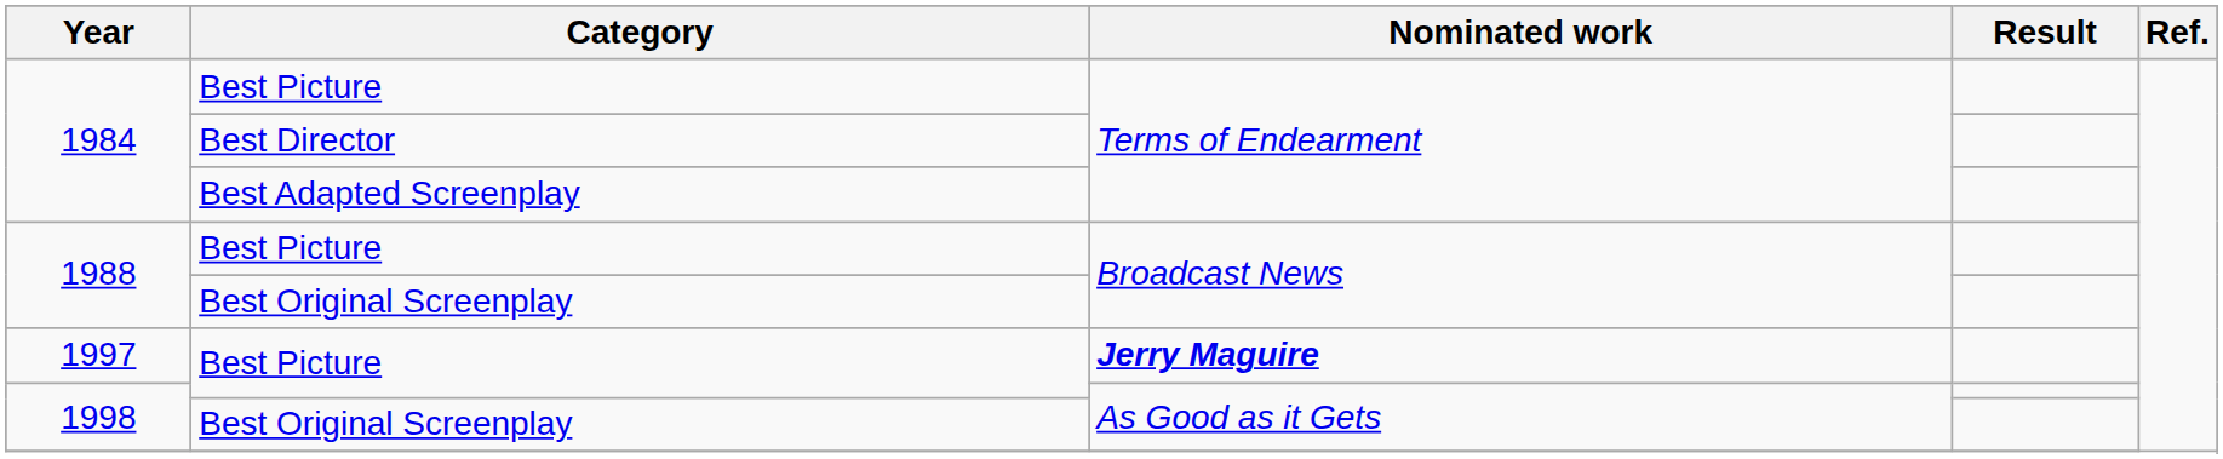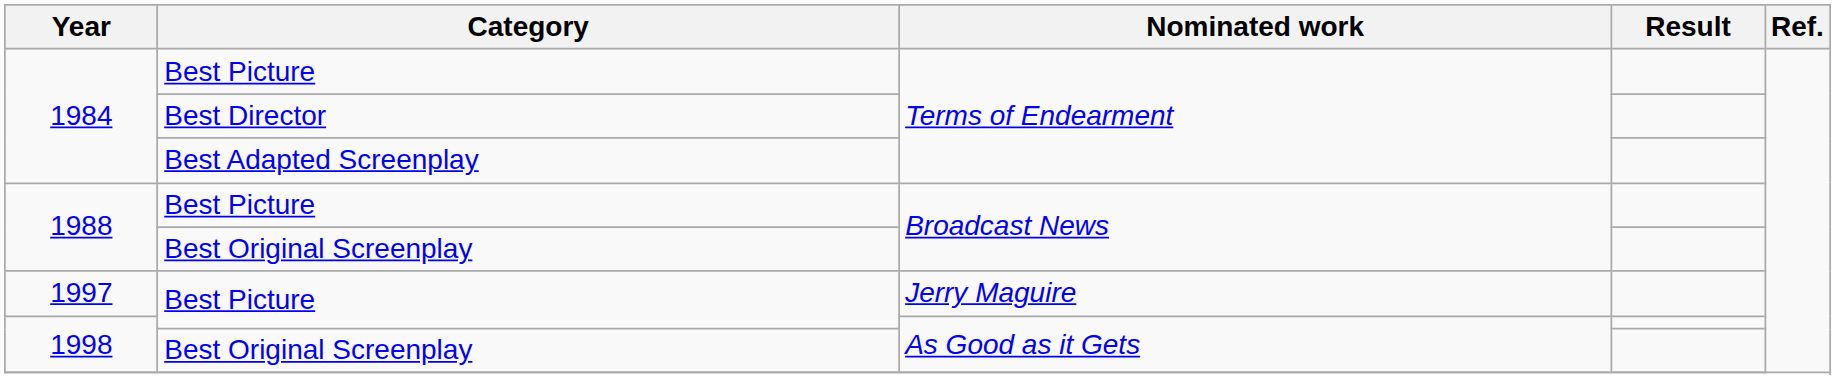 <table class=wikitable>
 <tr>
 <th scope="col" style="width:5em;">Year</th>
 <th scope="col" style="width:26em;">Category</th>
 <th scope="col" style="width:25em;">Nominated work</th>
 <th scope="col" style="width:5em;">Result</th>
 <th>Ref.</th>
 </tr>
 <tr>
 <td style="text-align:center;", rowspan=3><a href='#'>1984</a></td>
 <td><a href='#'>Best Picture</a></td>
 <td rowspan=3><em><a href='#'>Terms of Endearment</a></em></td>
 <td></td>
 <td rowspan=10></td>
 </tr>
 <tr>
 <td><a href='#'>Best Director</a></td>
 <td></td>
 </tr>
 <tr>
 <td><a href='#'>Best Adapted Screenplay</a></td>
 <td></td>
 </tr>
 <tr>
 <td style="text-align:center;", rowspan=2><a href='#'>1988</a></td>
 <td><a href='#'>Best Picture</a></td>
 <td rowspan=2><em><a href='#'>Broadcast News</a></em></td>
 <td></td>
 </tr>
 <tr>
 <td><a href='#'>Best Original Screenplay</a></td>
 <td></td>
 </tr>
 <tr>
 <td style="text-align:center;"><a href='#'>1997</a></td>
 <td rowspan=2><a href='#'>Best Picture</a></td>
-<td><strong><em><a href='#'>Jerry Maguire</a></em></strong></td>
+<td><em><a href='#'>Jerry Maguire</a></em></td>
 <td></td>
 </tr>
 <tr>
 <td style="text-align:center;", rowspan=2><a href='#'>1998</a></td>
 <td rowspan=2><em><a href='#'>As Good as it Gets</a></em></td>
 <td></td>
 </tr>
 <tr>
 <td><a href='#'>Best Original Screenplay</a></td>
 <td></td>
 </tr>
 <tr>
 </tr>
 </table>
